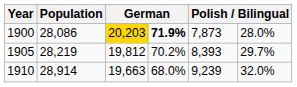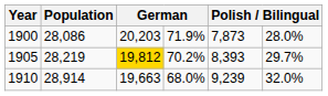 <table class="wikitable">
 <tr>
 <th>Year</th>
 <th>Population</th>
 <th colspan="2">German</th>
 <th colspan="2">Polish / Bilingual</th>
 </tr>
 <tr>
 <td>1900</td>
 <td>28,086</td>
-<td style="background: gold;">20,203</td>
-<td><strong>71.9%</strong></td>
+<td>20,203</td>
+<td>71.9%</td>
 <td>7,873</td>
 <td>28.0%</td>
 </tr>
 <tr>
 <td>1905</td>
 <td>28,219</td>
-<td>19,812</td>
+<td style="background: gold;">19,812</td>
 <td>70.2%</td>
 <td>8,393</td>
 <td>29.7%</td>
 </tr>
 <tr>
 <td>1910</td>
 <td>28,914</td>
 <td>19,663</td>
 <td>68.0%</td>
 <td>9,239</td>
 <td>32.0%</td>
 </tr>
 </table>
